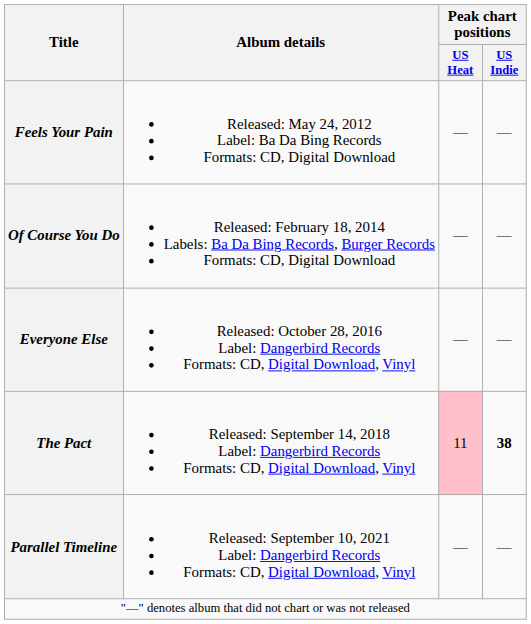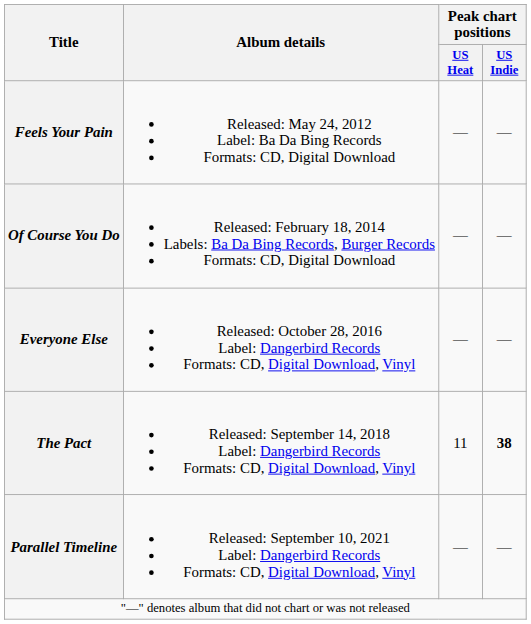 <table class="wikitable plainrowheaders" style="text-align:center;">
 <tr>
 <th scope="col" rowspan="2">Title</th>
 <th scope="col" rowspan="2">Album details</th>
 <th scope="col" colspan="2">Peak chart positions</th>
 </tr>
 <tr>
 <th scope="col" style="width:3em;font-size:85%;"><a href='#'>US<br>Heat</a><br></th>
 <th scope="col" style="width:3em;font-size:85%;"><a href='#'>US<br>Indie</a><br></th>
 </tr>
 <tr>
 <th scope="row"><em>Feels Your Pain</em></th>
 <td><br><ul><li>Released: May 24, 2012</li><li>Label: Ba Da Bing Records</li><li>Formats: CD, Digital Download</li></ul></td>
 <td>—</td>
 <td>—</td>
 </tr>
 <tr>
 <th scope="row"><em>Of Course You Do</em></th>
 <td><br><ul><li>Released: February 18, 2014</li><li>Labels: <a href='#'>Ba Da Bing Records</a>, <a href='#'>Burger Records</a></li><li>Formats: CD, Digital Download</li></ul></td>
 <td>—</td>
 <td>—</td>
 </tr>
 <tr>
 <th scope="row"><em>Everyone Else</em></th>
 <td><br><ul><li>Released: October 28, 2016</li><li>Label: <a href='#'>Dangerbird Records</a></li><li>Formats: CD, <a href='#'>Digital Download</a>, <a href='#'>Vinyl</a></li></ul></td>
 <td>—</td>
 <td>—</td>
 </tr>
 <tr>
 <th scope="row"><em>The Pact</em></th>
 <td><br><ul><li>Released: September 14, 2018</li><li>Label: <a href='#'>Dangerbird Records</a></li><li>Formats: CD, <a href='#'>Digital Download</a>, <a href='#'>Vinyl</a></li></ul></td>
-<td style="background: pink;">11</td>
+<td>11</td>
 <td><strong>38</strong></td>
 </tr>
 <tr>
 <th scope="row"><em>Parallel Timeline</em></th>
 <td><br><ul><li>Released: September 10, 2021</li><li>Label: <a href='#'>Dangerbird Records</a></li><li>Formats: CD, <a href='#'>Digital Download</a>, <a href='#'>Vinyl</a></li></ul></td>
 <td>—</td>
 <td>—</td>
 </tr>
 <tr>
 <td colspan="7" style="text-align:center; font-size:85%;">"—" denotes album that did not chart or was not released</td>
 </tr>
 </table>
